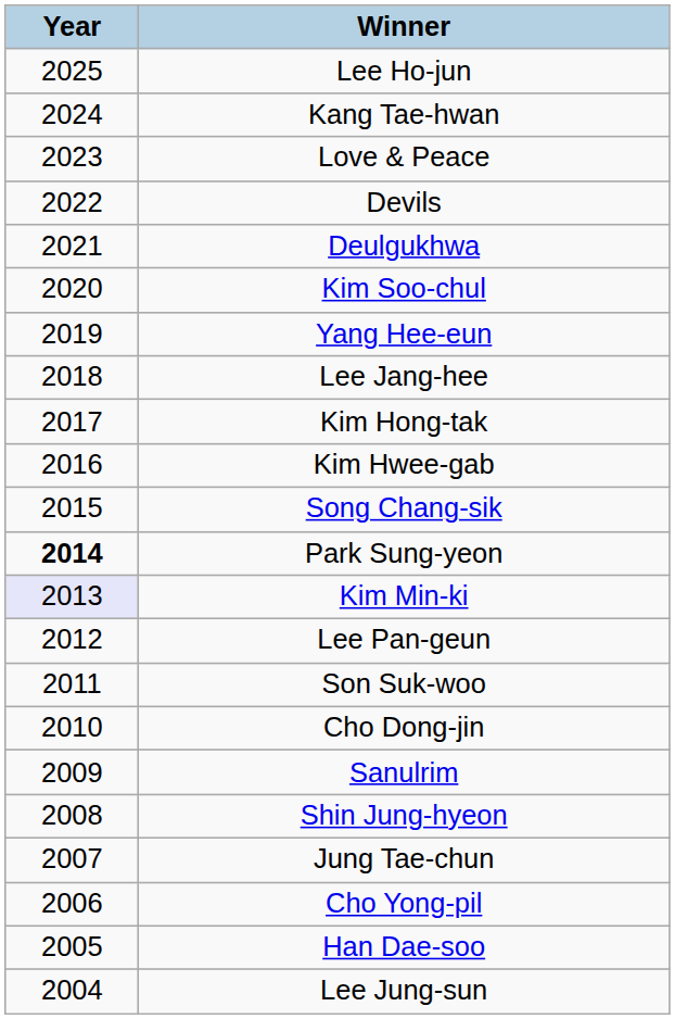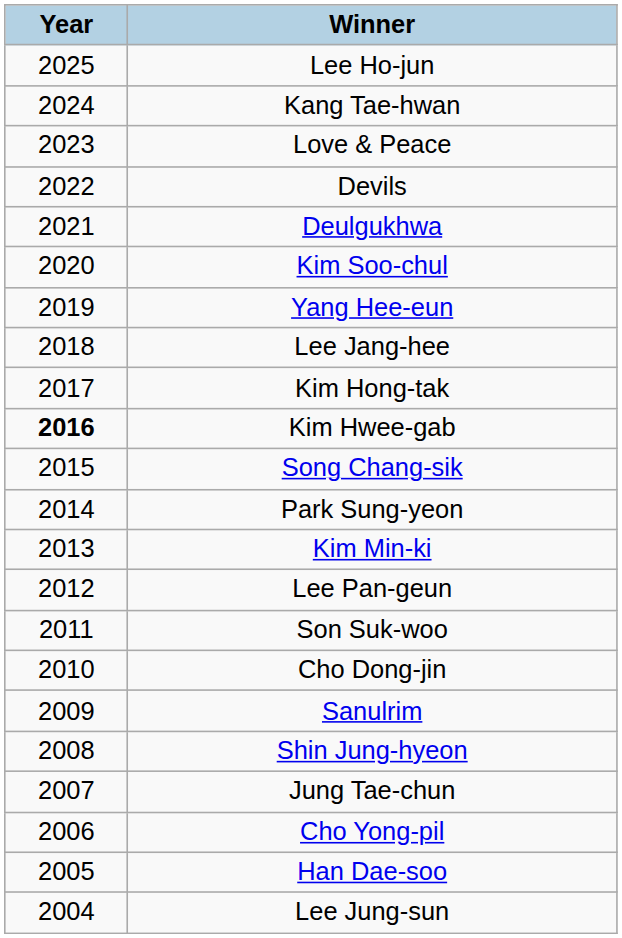 <table class="wikitable" style="text-align: center">
 <tr>
 <th width="70" style="background:#b3d1e3;">Year</th>
 <th width="300" style="background:#b3d1e3;">Winner</th>
 </tr>
 <tr>
 <td>2025</td>
 <td>Lee Ho-jun</td>
 </tr>
 <tr>
 <td>2024</td>
 <td>Kang Tae-hwan</td>
 </tr>
 <tr>
 <td>2023</td>
 <td>Love & Peace</td>
 </tr>
 <tr>
 <td>2022</td>
 <td>Devils</td>
 </tr>
 <tr>
 <td>2021</td>
 <td><a href='#'>Deulgukhwa</a></td>
 </tr>
 <tr>
 <td>2020</td>
 <td><a href='#'>Kim Soo-chul</a></td>
 </tr>
 <tr>
 <td>2019</td>
 <td><a href='#'>Yang Hee-eun</a></td>
 </tr>
 <tr>
 <td>2018</td>
 <td>Lee Jang-hee</td>
 </tr>
 <tr>
 <td>2017</td>
 <td>Kim Hong-tak</td>
 </tr>
 <tr>
-<td>2016</td>
+<td><strong>2016</strong></td>
 <td>Kim Hwee-gab</td>
 </tr>
 <tr>
 <td>2015</td>
 <td><a href='#'>Song Chang-sik</a></td>
 </tr>
 <tr>
-<td><strong>2014</strong></td>
+<td>2014</td>
 <td>Park Sung-yeon</td>
 </tr>
 <tr>
-<td style="background: lavender;">2013</td>
+<td>2013</td>
 <td><a href='#'>Kim Min-ki</a></td>
 </tr>
 <tr>
 <td>2012</td>
 <td>Lee Pan-geun</td>
 </tr>
 <tr>
 <td>2011</td>
 <td>Son Suk-woo</td>
 </tr>
 <tr>
 <td>2010</td>
 <td>Cho Dong-jin</td>
 </tr>
 <tr>
 <td>2009</td>
 <td><a href='#'>Sanulrim</a></td>
 </tr>
 <tr>
 <td>2008</td>
 <td><a href='#'>Shin Jung-hyeon</a></td>
 </tr>
 <tr>
 <td>2007</td>
 <td>Jung Tae-chun</td>
 </tr>
 <tr>
 <td>2006</td>
 <td><a href='#'>Cho Yong-pil</a></td>
 </tr>
 <tr>
 <td>2005</td>
 <td><a href='#'>Han Dae-soo</a></td>
 </tr>
 <tr>
 <td>2004</td>
 <td>Lee Jung-sun</td>
 </tr>
 </table>
